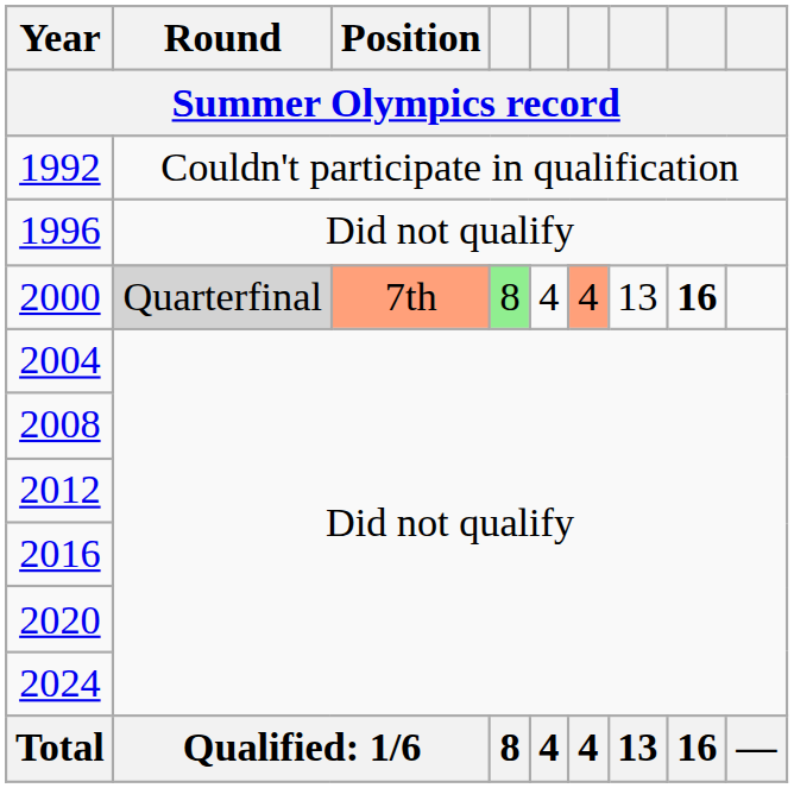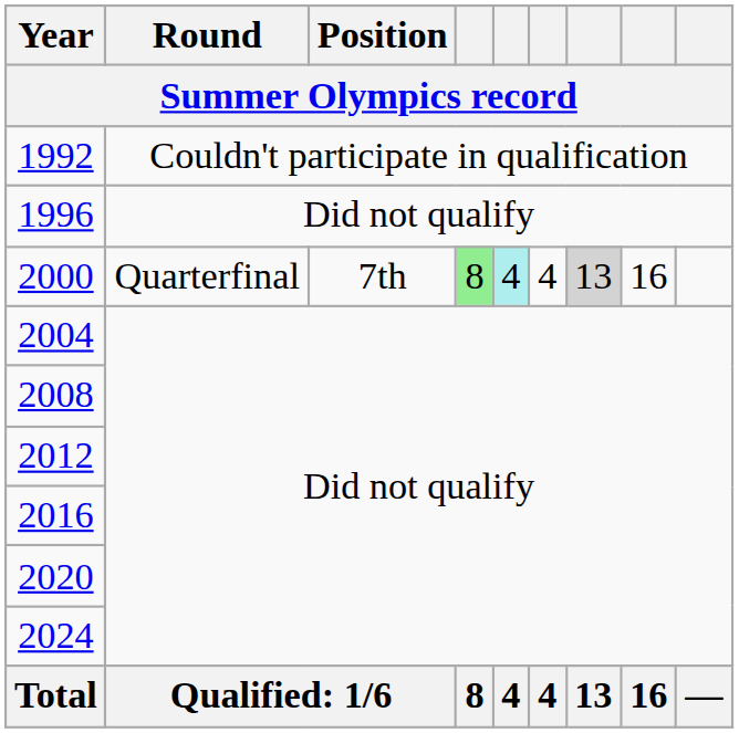 <table class="wikitable" style="text-align: center;">
 <tr>
 <th>Year</th>
 <th>Round</th>
 <th>Position</th>
 <th></th>
 <th></th>
 <th></th>
 <th></th>
 <th></th>
 <th></th>
 </tr>
 <tr>
 <th colspan=9><a href='#'>Summer Olympics record</a></th>
 </tr>
 <tr>
 <td> <a href='#'>1992</a></td>
 <td colspan="8">Couldn't participate in qualification</td>
 </tr>
 <tr>
 <td> <a href='#'>1996</a></td>
 <td colspan="8">Did not qualify</td>
 </tr>
 <tr>
 <td> <a href='#'>2000</a></td>
-<td style="background: lightgrey;">Quarterfinal</td>
-<td style="background: lightsalmon;">7th</td>
+<td>Quarterfinal</td>
+<td>7th</td>
 <td style="background: lightgreen;">8</td>
+<td style="background: paleturquoise;">4</td>
 <td>4</td>
-<td style="background: lightsalmon;">4</td>
-<td>13</td>
-<td><strong>16</strong></td>
+<td style="background: lightgrey;">13</td>
+<td>16</td>
 <td></td>
 </tr>
 <tr>
 <td> <a href='#'>2004</a></td>
 <td colspan="8" rowspan="6">Did not qualify</td>
 </tr>
 <tr>
 <td> <a href='#'>2008</a></td>
 </tr>
 <tr>
 <td> <a href='#'>2012</a></td>
 </tr>
 <tr>
 <td> <a href='#'>2016</a></td>
 </tr>
 <tr>
 <td> <a href='#'>2020</a></td>
 </tr>
 <tr>
 <td> <a href='#'>2024</a></td>
 </tr>
 <tr>
 <th>Total</th>
 <th colspan="2">Qualified: 1/6</th>
 <th>8</th>
 <th>4</th>
 <th>4</th>
 <th>13</th>
 <th>16</th>
 <th>—</th>
 </tr>
 </table>
